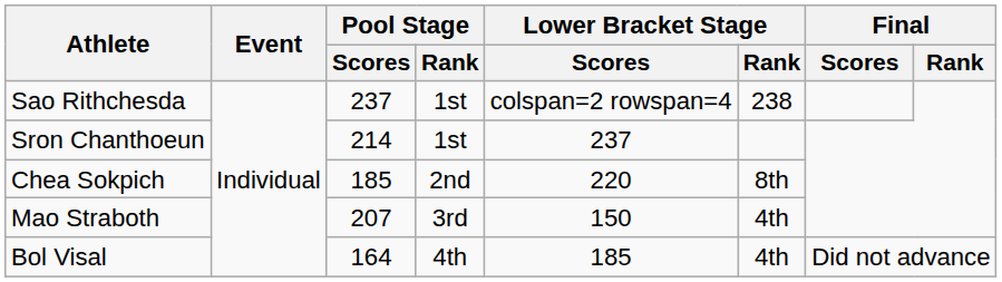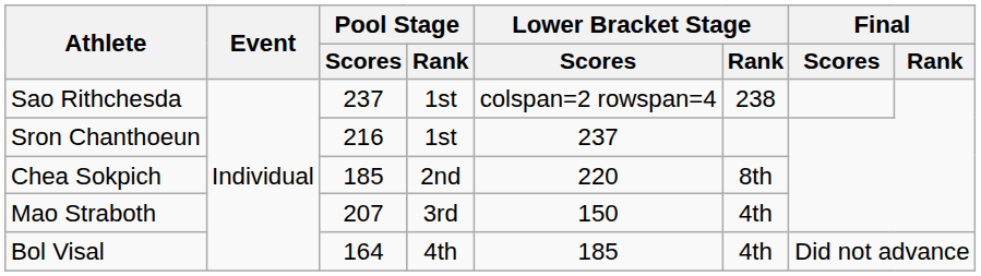 <table class="wikitable" style="font-size:90%">
 <tr>
 <th rowspan=2>Athlete</th>
 <th rowspan=2>Event</th>
 <th colspan=2>Pool Stage</th>
 <th colspan=2>Lower Bracket Stage</th>
 <th colspan=2>Final</th>
 </tr>
 <tr style="font-size:95%">
 <th>Scores</th>
 <th>Rank</th>
 <th>Scores</th>
 <th>Rank</th>
 <th>Scores</th>
 <th>Rank</th>
 </tr>
 <tr align=center>
 <td align=left>Sao Rithchesda</td>
 <td align=left rowspan=5>Individual</td>
 <td>237</td>
 <td>1st</td>
 <td>colspan=2 rowspan=4 </td>
 <td>238</td>
 <td></td>
 </tr>
 <tr align=center>
 <td align=left>Sron Chanthoeun</td>
-<td>214</td>
+<td>216</td>
 <td>1st</td>
 <td>237</td>
 <td></td>
 </tr>
 <tr align=center>
 <td align=left>Chea Sokpich</td>
 <td>185</td>
 <td>2nd</td>
 <td>220</td>
 <td>8th</td>
 </tr>
 <tr align=center>
 <td align=left>Mao Straboth</td>
 <td>207</td>
 <td>3rd</td>
 <td>150</td>
 <td>4th</td>
 </tr>
 <tr align=center>
 <td align=left>Bol Visal</td>
 <td>164</td>
 <td>4th</td>
 <td>185</td>
 <td>4th</td>
 <td colspan=2>Did not advance</td>
 </tr>
 </table>
